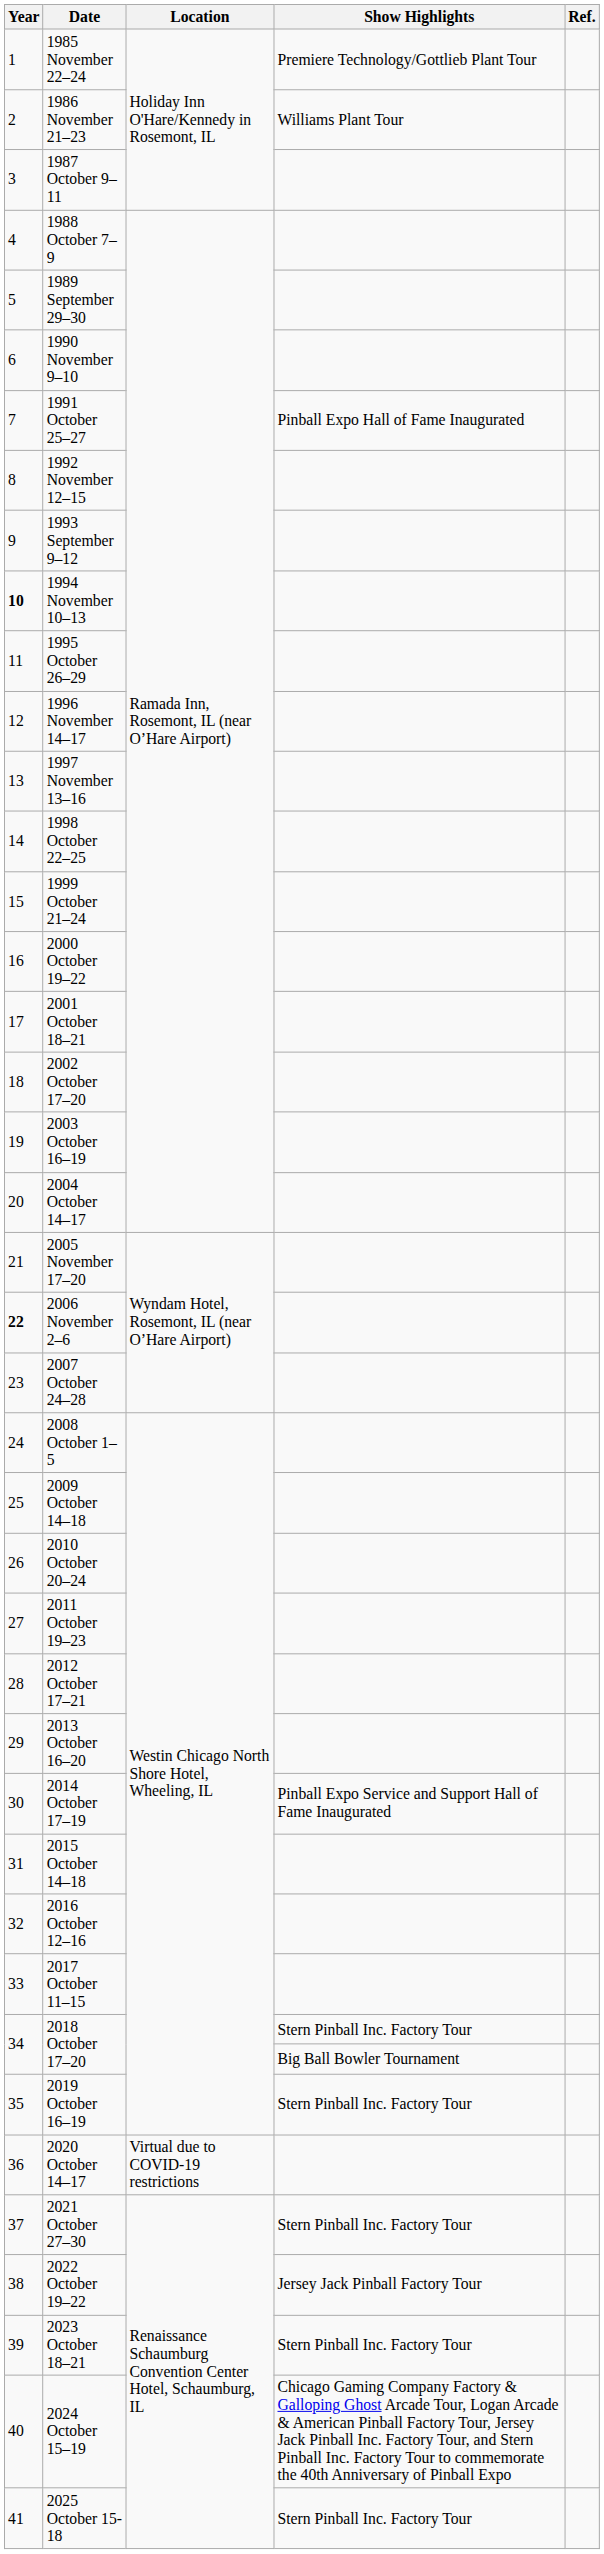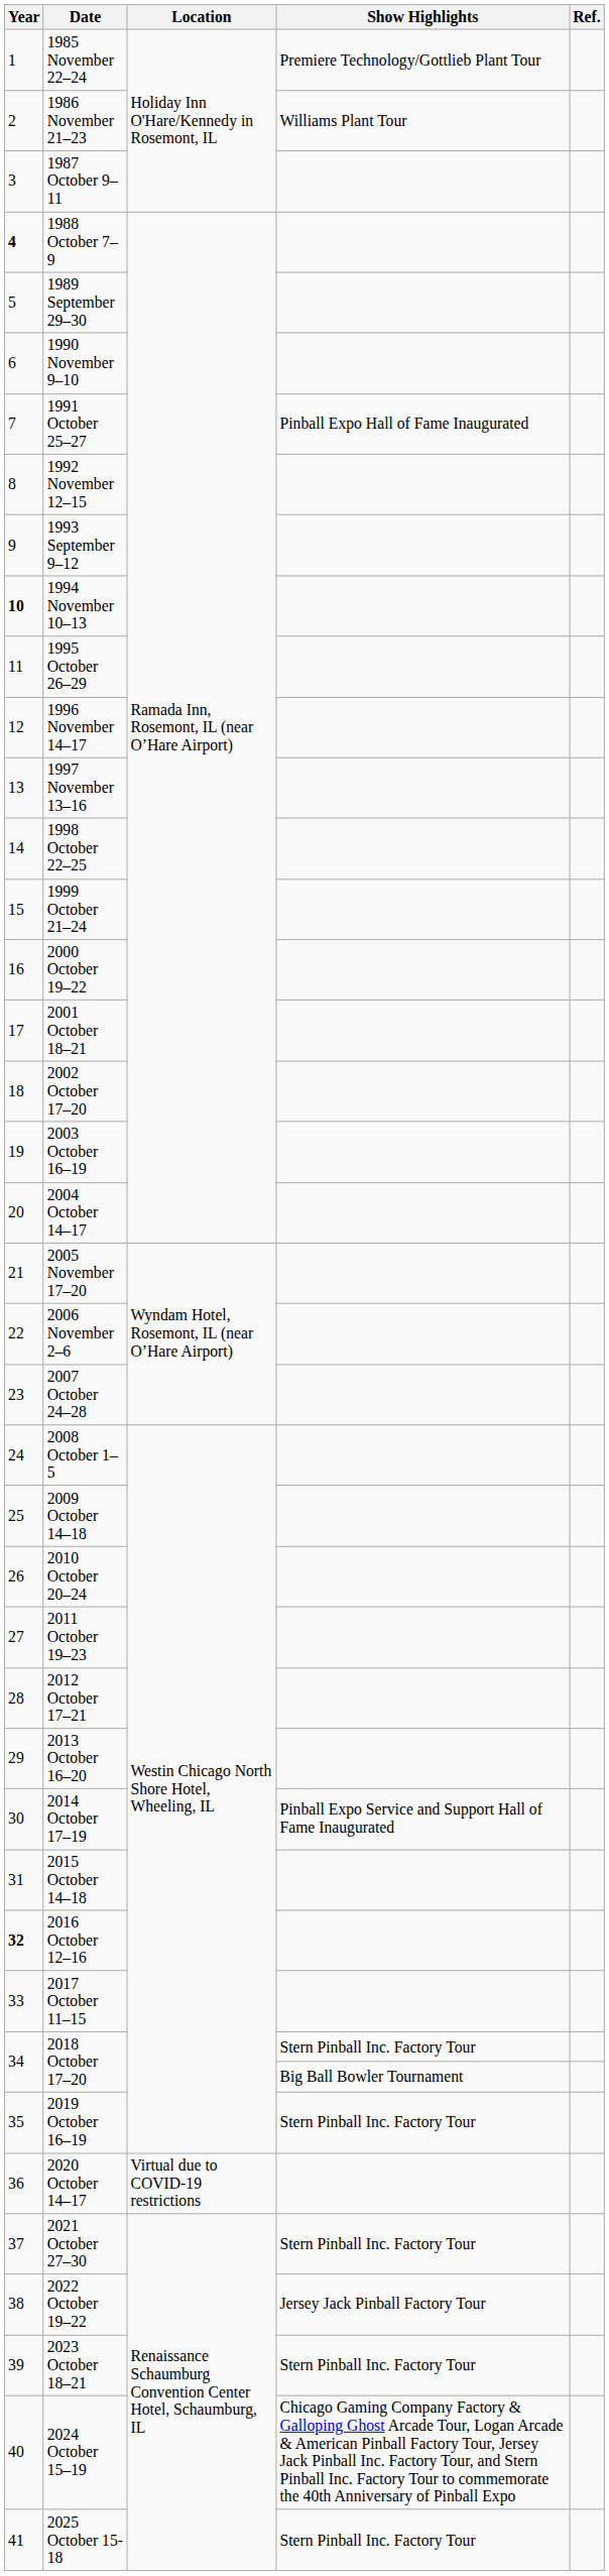 <table class="wikitable">
 <tr>
 <th>Year</th>
 <th>Date</th>
 <th>Location</th>
 <th>Show Highlights</th>
 <th>Ref.</th>
 </tr>
 <tr>
 <td>1</td>
 <td>1985 November 22–24</td>
 <td rowspan=3>Holiday Inn O'Hare/Kennedy in Rosemont, IL</td>
 <td>Premiere Technology/Gottlieb Plant Tour</td>
 <td></td>
 </tr>
 <tr>
 <td>2</td>
 <td>1986 November 21–23</td>
 <td>Williams Plant Tour</td>
 <td></td>
 </tr>
 <tr>
 <td>3</td>
 <td>1987 October 9–11</td>
 <td></td>
 <td></td>
 </tr>
 <tr>
-<td>4</td>
+<td><strong>4</strong></td>
 <td>1988 October 7–9</td>
 <td rowspan=17>Ramada Inn, Rosemont, IL (near O’Hare Airport)</td>
 <td></td>
 <td></td>
 </tr>
 <tr>
 <td>5</td>
 <td>1989 September 29–30</td>
 <td></td>
 <td></td>
 </tr>
 <tr>
 <td>6</td>
 <td>1990 November 9–10</td>
 <td></td>
 <td></td>
 </tr>
 <tr>
 <td>7</td>
 <td>1991 October 25–27</td>
 <td>Pinball Expo Hall of Fame Inaugurated</td>
 <td></td>
 </tr>
 <tr>
 <td>8</td>
 <td>1992 November 12–15</td>
 <td></td>
 <td></td>
 </tr>
 <tr>
 <td>9</td>
 <td>1993 September 9–12</td>
 <td></td>
 <td></td>
 </tr>
 <tr>
 <td><strong>10</strong></td>
 <td>1994 November 10–13</td>
 <td></td>
 <td></td>
 </tr>
 <tr>
 <td>11</td>
 <td>1995 October 26–29</td>
 <td></td>
 <td></td>
 </tr>
 <tr>
 <td>12</td>
 <td>1996 November 14–17</td>
 <td></td>
 <td></td>
 </tr>
 <tr>
 <td>13</td>
 <td>1997 November 13–16</td>
 <td></td>
 <td></td>
 </tr>
 <tr>
 <td>14</td>
 <td>1998 October 22–25</td>
 <td></td>
 <td></td>
 </tr>
 <tr>
 <td>15</td>
 <td>1999 October 21–24</td>
 <td></td>
 <td></td>
 </tr>
 <tr>
 <td>16</td>
 <td>2000 October 19–22</td>
 <td></td>
 <td></td>
 </tr>
 <tr>
 <td>17</td>
 <td>2001 October 18–21</td>
 <td></td>
 <td></td>
 </tr>
 <tr>
 <td>18</td>
 <td>2002 October 17–20</td>
 <td></td>
 <td></td>
 </tr>
 <tr>
 <td>19</td>
 <td>2003 October 16–19</td>
 <td></td>
 <td></td>
 </tr>
 <tr>
 <td>20</td>
 <td>2004 October 14–17</td>
 <td></td>
 <td></td>
 </tr>
 <tr>
 <td>21</td>
 <td>2005 November 17–20</td>
 <td rowspan=3>Wyndam Hotel, Rosemont, IL (near O’Hare Airport)</td>
 <td></td>
 <td></td>
 </tr>
 <tr>
-<td><strong>22</strong></td>
+<td>22</td>
 <td>2006 November 2–6</td>
 <td></td>
 <td></td>
 </tr>
 <tr>
 <td>23</td>
 <td>2007 October 24–28</td>
 <td></td>
 <td></td>
 </tr>
 <tr>
 <td>24</td>
 <td>2008 October 1–5</td>
 <td rowspan=13>Westin Chicago North Shore Hotel, Wheeling, IL</td>
 <td></td>
 <td></td>
 </tr>
 <tr>
 <td>25</td>
 <td>2009 October 14–18</td>
 <td></td>
 <td></td>
 </tr>
 <tr>
 <td>26</td>
 <td>2010 October 20–24</td>
 <td></td>
 <td></td>
 </tr>
 <tr>
 <td>27</td>
 <td>2011 October 19–23</td>
 <td></td>
 <td></td>
 </tr>
 <tr>
 <td>28</td>
 <td>2012 October 17–21</td>
 <td></td>
 <td></td>
 </tr>
 <tr>
 <td>29</td>
 <td>2013 October 16–20</td>
 <td></td>
 <td></td>
 </tr>
 <tr>
 <td>30</td>
 <td>2014 October 17–19</td>
 <td>Pinball Expo Service and Support Hall of Fame Inaugurated</td>
 <td></td>
 </tr>
 <tr>
 <td>31</td>
 <td>2015 October 14–18</td>
 <td></td>
 <td></td>
 </tr>
 <tr>
-<td>32</td>
+<td><strong>32</strong></td>
 <td>2016 October 12–16</td>
 <td></td>
 <td></td>
 </tr>
 <tr>
 <td>33</td>
 <td>2017 October 11–15</td>
 <td></td>
 <td></td>
 </tr>
 <tr>
 <td rowspan=2>34</td>
 <td rowspan=2>2018 October 17–20</td>
 <td>Stern Pinball Inc. Factory Tour</td>
 <td></td>
 </tr>
 <tr>
 <td>Big Ball Bowler Tournament</td>
 <td></td>
 </tr>
 <tr>
 <td>35</td>
 <td>2019 October 16–19</td>
 <td>Stern Pinball Inc. Factory Tour</td>
 <td></td>
 </tr>
 <tr>
 <td>36</td>
 <td>2020 October 14–17</td>
 <td>Virtual due to COVID-19 restrictions</td>
 <td></td>
 <td></td>
 </tr>
 <tr>
 <td>37</td>
 <td>2021 October 27–30</td>
 <td rowspan="5">Renaissance Schaumburg Convention Center Hotel, Schaumburg, IL</td>
 <td>Stern Pinball Inc. Factory Tour</td>
 <td></td>
 </tr>
 <tr>
 <td>38</td>
 <td>2022 October 19–22</td>
 <td>Jersey Jack Pinball Factory Tour</td>
 <td></td>
 </tr>
 <tr>
 <td>39</td>
 <td>2023 October 18–21</td>
 <td>Stern Pinball Inc. Factory Tour</td>
 <td></td>
 </tr>
 <tr>
 <td>40</td>
 <td>2024 October 15–19</td>
 <td>Chicago Gaming Company Factory & <a href='#'>Galloping Ghost</a> Arcade Tour, Logan Arcade & American Pinball Factory Tour, Jersey Jack Pinball Inc. Factory Tour, and Stern Pinball Inc. Factory Tour to commemorate the 40th Anniversary of Pinball Expo</td>
 <td></td>
 </tr>
 <tr>
 <td>41</td>
 <td>2025 October 15-18</td>
 <td>Stern Pinball Inc. Factory Tour</td>
 <td></td>
 </tr>
 </table>
